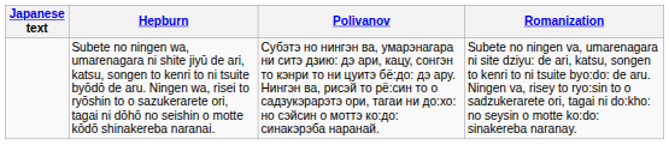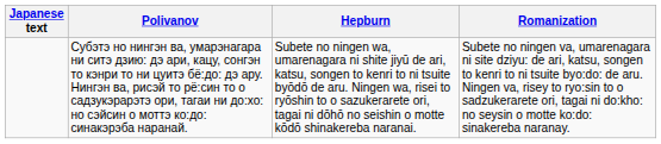 <table class="wikitable">
 <tr>
 <th><a href='#'>Japanese</a> text</th>
+<th><a href='#'>Polivanov</a></th>
 <th><a href='#'>Hepburn</a></th>
-<th><a href='#'>Polivanov</a></th>
 <th><a href='#'>Romanization</a></th>
 </tr>
 <tr>
 <td></td>
+<td>Субэтэ но нингэн ва, умарэнагара ни ситэ дзию: дэ ари, кацу, сонгэн то кэнри то ни цуитэ бё:до: дэ ару. Нингэн ва, рисэй то рё:син то о садзукэрарэтэ ори, тагаи ни до:хо: но сэйсин о моттэ ко:до: синакэрэба наранай.</td>
 <td>Subete no ningen wa, umarenagara ni shite jiyū de ari, katsu, songen to kenri to ni tsuite byōdō de aru. Ningen wa, risei to ryōshin to o sazukerarete ori, tagai ni dōhō no seishin o motte kōdō shinakereba naranai.</td>
-<td>Субэтэ но нингэн ва, умарэнагара ни ситэ дзию: дэ ари, кацу, сонгэн то кэнри то ни цуитэ бё:до: дэ ару. Нингэн ва, рисэй то рё:син то о садзукэрарэтэ ори, тагаи ни до:хо: но сэйсин о моттэ ко:до: синакэрэба наранай.</td>
 <td>Subete no ningen va, umarenagara ni site dziyu: de ari, katsu, songen to kenri to ni tsuite byo:do: de aru. Ningen va, risey to ryo:sin to o sadzukerarete ori, tagai ni do:kho: no seysin o motte ko:do: sinakereba naranay.</td>
 </tr>
 </table>
